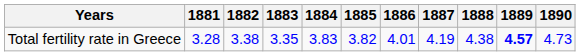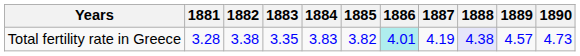 <table class="wikitable " style="text-align:right">
 <tr>
 <th>Years</th>
 <th>1881</th>
 <th>1882</th>
 <th>1883</th>
 <th>1884</th>
 <th>1885</th>
 <th>1886</th>
 <th>1887</th>
 <th>1888</th>
 <th>1889</th>
 <th>1890</th>
 </tr>
 <tr>
 <td align="left">Total fertility rate in Greece</td>
 <td style="text-align:right; color:blue;">3.28</td>
 <td style="text-align:right; color:blue;">3.38</td>
 <td style="text-align:right; color:blue;">3.35</td>
 <td style="text-align:right; color:blue;">3.83</td>
 <td style="text-align:right; color:blue;">3.82</td>
-<td style="text-align:right; color:blue;">4.01</td>
+<td style="background: paleturquoise; text-align:right; color:blue;">4.01</td>
 <td style="text-align:right; color:blue;">4.19</td>
-<td style="text-align:right; color:blue;">4.38</td>
-<td style="text-align:right; color:blue;"><strong>4.57</strong></td>
+<td style="background: lavender; text-align:right; color:blue;">4.38</td>
+<td style="text-align:right; color:blue;">4.57</td>
 <td style="text-align:right; color:blue;">4.73</td>
 </tr>
 </table>
